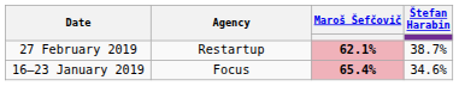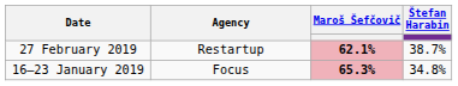 <table class="wikitable" style="text-align:center;">
 <tr style="font-size:85%;">
 <th style="width:150px;" rowspan="2">Date</th>
 <th style="width:165px;" rowspan="2">Agency</th>
 <th><a href='#'>Maroš Šefčovič</a></th>
 <th><a href='#'>Štefan Harabin</a></th>
 </tr>
 <tr>
 <th style="background:"></th>
 <th style="background:#702C91; width:40px;"></th>
 </tr>
 <tr>
 <td>27 February 2019</td>
 <td>Restartup</td>
 <td style="background:#F0B2BA"><strong>62.1%</strong></td>
 <td>38.7%</td>
 </tr>
 <tr>
 <td>16–23 January 2019</td>
 <td>Focus</td>
-<td style="background:#F0B2BA"><strong>65.4%</strong></td>
-<td>34.6%</td>
+<td style="background:#F0B2BA"><strong>65.3%</strong></td>
+<td>34.8%</td>
 </tr>
 </table>
